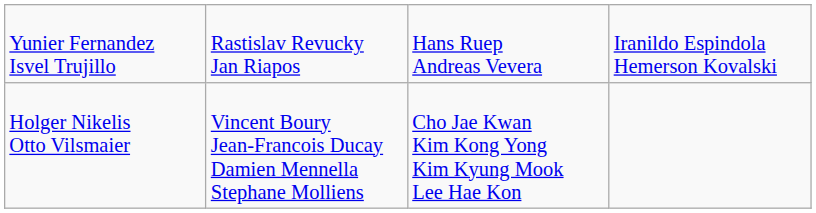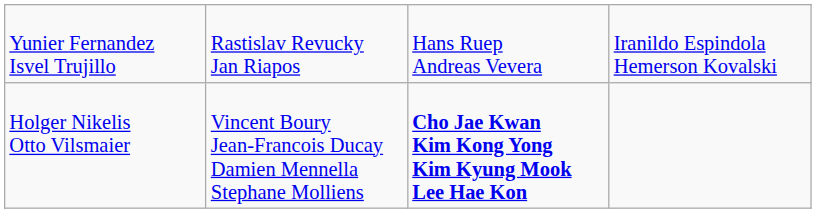 <table class="wikitable">
 <tr>
 <td style="vertical-align:top; width:150px"><br><a href='#'>Yunier Fernandez</a><br><a href='#'>Isvel Trujillo</a></td>
 <td style="vertical-align:top; width:150px"><br><a href='#'>Rastislav Revucky</a><br><a href='#'>Jan Riapos</a></td>
 <td style="vertical-align:top; width:150px"><br><a href='#'>Hans Ruep</a><br><a href='#'>Andreas Vevera</a></td>
 <td style="vertical-align:top; width:150px"><br><a href='#'>Iranildo Espindola</a><br><a href='#'>Hemerson Kovalski</a></td>
 </tr>
 <tr>
 <td style="vertical-align:top; width:150px"><br><a href='#'>Holger Nikelis</a><br><a href='#'>Otto Vilsmaier</a></td>
 <td style="vertical-align:top; width:150px"><br><a href='#'>Vincent Boury</a><br><a href='#'>Jean-Francois Ducay</a><br><a href='#'>Damien Mennella</a><br><a href='#'>Stephane Molliens</a></td>
-<td style="vertical-align:top; width:150px"><br><a href='#'>Cho Jae Kwan</a><br><a href='#'>Kim Kong Yong</a><br><a href='#'>Kim Kyung Mook</a><br><a href='#'>Lee Hae Kon</a></td>
+<td style="vertical-align:top; width:150px"><strong><br><a href='#'>Cho Jae Kwan</a><br><a href='#'>Kim Kong Yong</a><br><a href='#'>Kim Kyung Mook</a><br><a href='#'>Lee Hae Kon</a></strong></td>
 </tr>
 </table>
